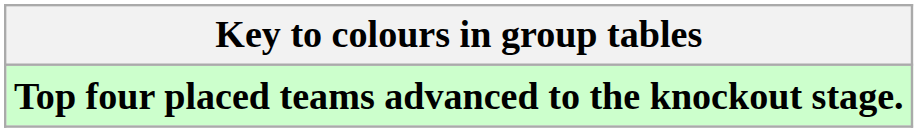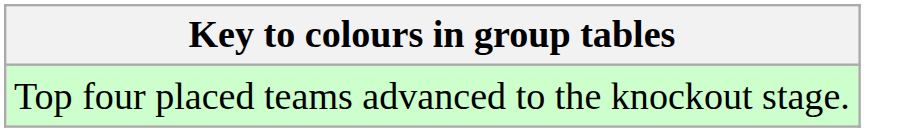 <table class="wikitable">
 <tr>
 <th>Key to colours in group tables</th>
 </tr>
 <tr style="background:#cfc;">
-<td><strong>Top four placed teams advanced to the knockout stage.</strong></td>
+<td>Top four placed teams advanced to the knockout stage.</td>
 </tr>
 </table>
